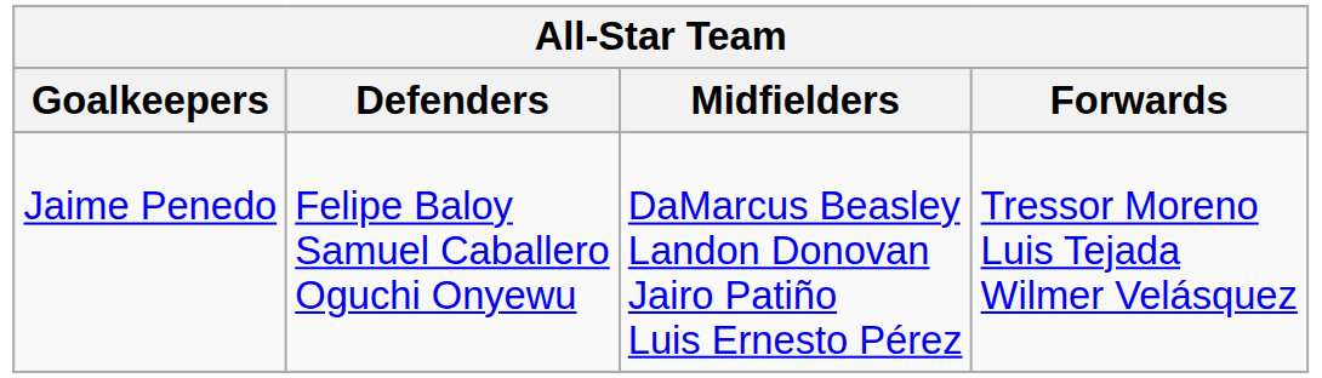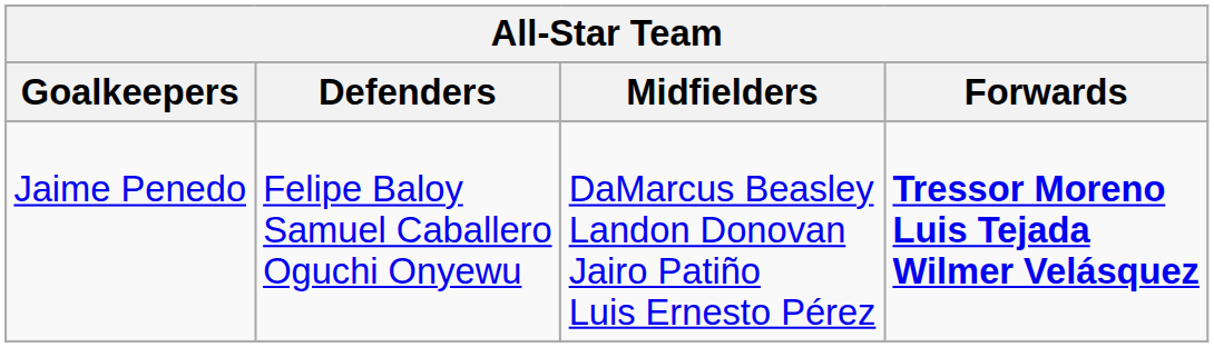 <table class="wikitable" style="margin: 0 auto;">
 <tr>
 <th colspan=4>All-Star Team</th>
 </tr>
 <tr>
 <th>Goalkeepers</th>
 <th>Defenders</th>
 <th>Midfielders</th>
 <th>Forwards</th>
 </tr>
 <tr>
 <td align=left valign=top><br> <a href='#'>Jaime Penedo</a></td>
 <td align=left valign=top><br> <a href='#'>Felipe Baloy</a> <br>  <a href='#'>Samuel Caballero</a> <br>  <a href='#'>Oguchi Onyewu</a></td>
 <td align=left valign=top><br> <a href='#'>DaMarcus Beasley</a> <br>  <a href='#'>Landon Donovan</a> <br>  <a href='#'>Jairo Patiño</a> <br>  <a href='#'>Luis Ernesto Pérez</a></td>
-<td align=left valign=top><br> <a href='#'>Tressor Moreno</a> <br>  <a href='#'>Luis Tejada</a> <br>  <a href='#'>Wilmer Velásquez</a></td>
+<td align=left valign=top><strong><br> <a href='#'>Tressor Moreno</a> <br>  <a href='#'>Luis Tejada</a> <br>  <a href='#'>Wilmer Velásquez</a></strong></td>
 </tr>
 </table>
